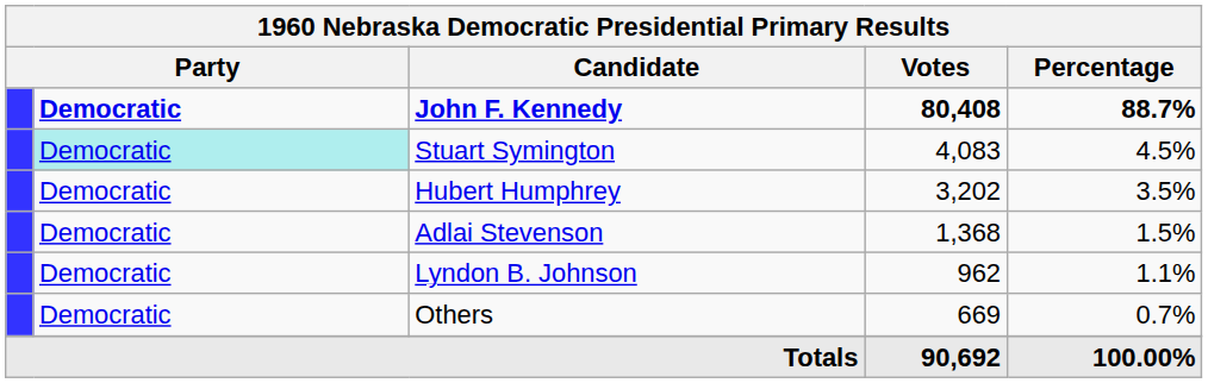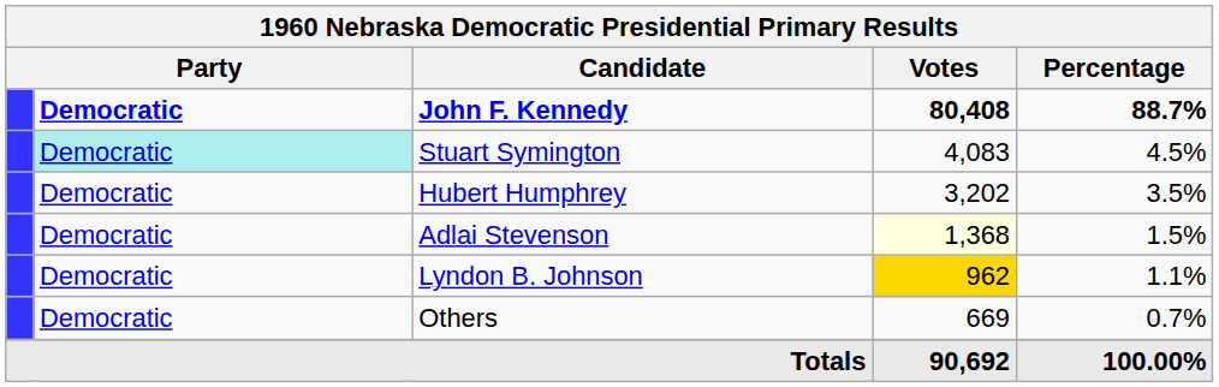 <table class="wikitable" style="font-size: 95%;">
 <tr>
 <th colspan="7">1960 Nebraska Democratic Presidential Primary Results</th>
 </tr>
 <tr>
 <th colspan="2" style="width: 15em">Party</th>
 <th style="width: 17em">Candidate</th>
 <th style="width: 5em">Votes</th>
 <th style="width: 7em">Percentage</th>
 </tr>
 <tr>
 <th style="background-color:#3333FF; width: 3px"></th>
 <td style="width: 130px"><strong><a href='#'>Democratic</a></strong></td>
 <td><strong><a href='#'>John F. Kennedy</a></strong></td>
 <td align="right"><strong>80,408</strong></td>
 <td align="right"><strong>88.7%</strong></td>
 </tr>
 <tr>
 <th style="background-color:#3333FF; width: 3px"></th>
 <td style="background: paleturquoise; width: 130px"><a href='#'>Democratic</a></td>
 <td><a href='#'>Stuart Symington</a></td>
 <td align="right">4,083</td>
 <td align="right">4.5%</td>
 </tr>
 <tr>
 <th style="background-color:#3333FF; width: 3px"></th>
 <td style="width: 130px"><a href='#'>Democratic</a></td>
 <td><a href='#'>Hubert Humphrey</a></td>
 <td align="right">3,202</td>
 <td align="right">3.5%</td>
 </tr>
 <tr>
 <th style="background-color:#3333FF; width: 3px"></th>
 <td style="width: 130px"><a href='#'>Democratic</a></td>
 <td><a href='#'>Adlai Stevenson</a></td>
-<td align="right">1,368</td>
+<td align="right" style="background: lightyellow;">1,368</td>
 <td align="right">1.5%</td>
 </tr>
 <tr>
 <th style="background-color:#3333FF; width: 3px"></th>
 <td style="width: 130px"><a href='#'>Democratic</a></td>
 <td><a href='#'>Lyndon B. Johnson</a></td>
-<td align="right">962</td>
+<td align="right" style="background: gold;">962</td>
 <td align="right">1.1%</td>
 </tr>
 <tr>
 <th style="background-color:#3333FF; width: 3px"></th>
 <td style="width: 130px"><a href='#'>Democratic</a></td>
 <td>Others</td>
 <td align="right">669</td>
 <td align="right">0.7%</td>
 </tr>
 <tr>
 </tr>
 <tr bgcolor="#E9E9E9">
 <td colspan="3" align="right"><strong>Totals</strong></td>
 <td align="right"><strong>90,692</strong></td>
 <td align="right"><strong>100.00%</strong></td>
 </tr>
 </table>
